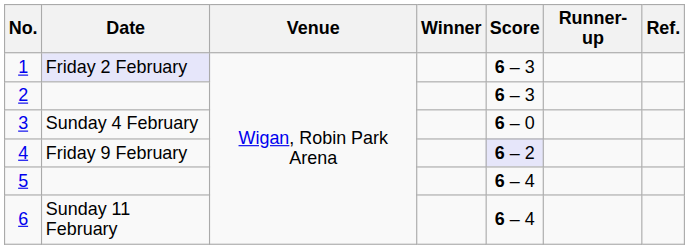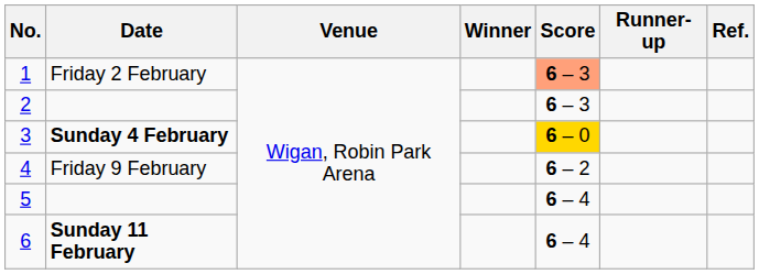 <table class="wikitable">
 <tr>
 <th>No.</th>
 <th>Date</th>
 <th>Venue</th>
 <th>Winner</th>
 <th>Score</th>
 <th>Runner-up</th>
 <th>Ref.</th>
 </tr>
 <tr>
 <td align=center><a href='#'>1</a></td>
-<td align=left style="background: lavender;">Friday 2 February</td>
+<td align=left>Friday 2 February</td>
 <td rowspan=6 align=center> <a href='#'>Wigan</a>, Robin Park Arena</td>
 <td align="right"></td>
-<td align="center"><strong>6</strong> – 3</td>
+<td align="center" style="background: lightsalmon;"><strong>6</strong> – 3</td>
 <td></td>
 <td align="center"></td>
 </tr>
 <tr>
 <td align=center><a href='#'>2</a></td>
 <td align=left></td>
 <td align=right></td>
 <td align=center><strong>6</strong> – 3</td>
 <td></td>
 <td align="center"></td>
 </tr>
 <tr>
 <td align=center><a href='#'>3</a></td>
-<td align=left>Sunday 4 February</td>
+<td align=left><strong>Sunday 4 February</strong></td>
 <td align=right></td>
-<td align=center><strong>6</strong> – 0</td>
+<td align=center style="background: gold;"><strong>6</strong> – 0</td>
 <td></td>
 <td align="center"></td>
 </tr>
 <tr>
 <td align=center><a href='#'>4</a></td>
 <td align=left>Friday 9 February</td>
 <td align=right></td>
-<td align=center style="background: lavender;"><strong>6</strong> – 2</td>
+<td align=center><strong>6</strong> – 2</td>
 <td></td>
 <td align="center"></td>
 </tr>
 <tr>
 <td align=center><a href='#'>5</a></td>
 <td align=left></td>
 <td align="right"></td>
 <td align="center"><strong>6</strong> – 4</td>
 <td></td>
 <td align="center"></td>
 </tr>
 <tr>
 <td align=center><a href='#'>6</a></td>
-<td align=left>Sunday 11 February</td>
+<td align=left><strong>Sunday 11 February</strong></td>
 <td align=right></td>
 <td align=center><strong>6</strong> – 4</td>
 <td></td>
 <td align="center"></td>
 </tr>
 </table>
